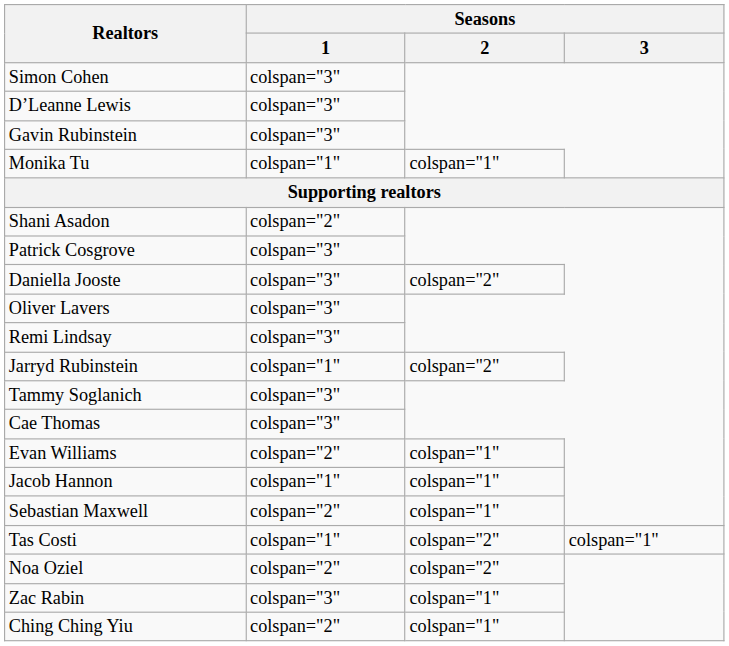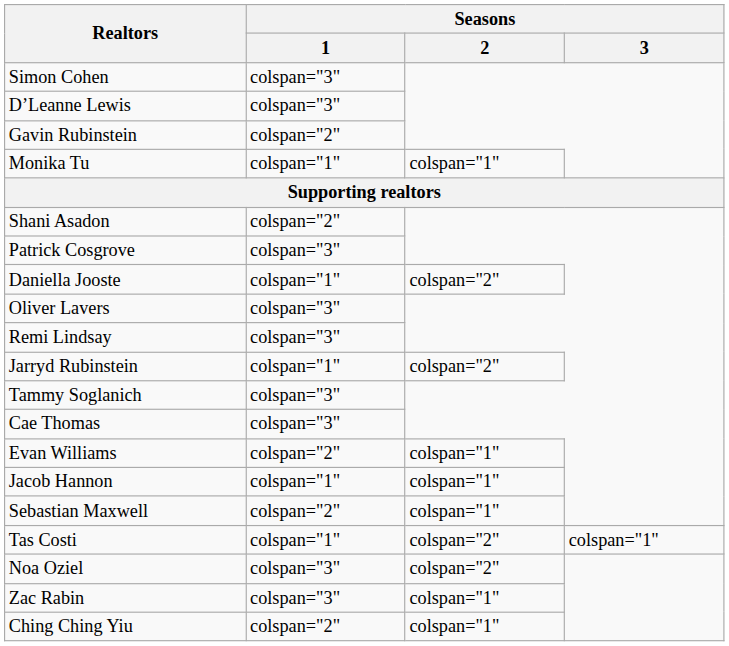 <table class="wikitable plainrowheaders" width=50%>
 <tr>
 <th scope=col rowspan=2 width=20%>Realtors</th>
 <th scope=col colspan=3>Seasons</th>
 </tr>
 <tr>
 <th scope=col width=12.5%>1</th>
 <th scope=col width=12.5%>2</th>
 <th scope=col width=12.5%>3</th>
 </tr>
 <tr>
 <td>Simon Cohen</td>
 <td>colspan="3" </td>
 </tr>
 <tr>
 <td>D’Leanne Lewis</td>
 <td>colspan="3" </td>
 </tr>
 <tr>
 <td>Gavin Rubinstein</td>
-<td>colspan="3" </td>
+<td>colspan="2" </td>
 </tr>
 <tr>
 <td>Monika Tu</td>
 <td>colspan="1" </td>
 <td>colspan="1" </td>
 </tr>
 <tr>
 <th colspan="4">Supporting realtors</th>
 </tr>
 <tr>
 <td>Shani Asadon</td>
 <td>colspan="2" </td>
 </tr>
 <tr>
 <td>Patrick Cosgrove</td>
 <td>colspan="3" </td>
 </tr>
 <tr>
 <td>Daniella Jooste</td>
-<td>colspan="3" </td>
+<td>colspan="1" </td>
 <td>colspan="2" </td>
 </tr>
 <tr>
 <td>Oliver Lavers</td>
 <td>colspan="3" </td>
 </tr>
 <tr>
 <td>Remi Lindsay</td>
 <td>colspan="3" </td>
 </tr>
 <tr>
 <td>Jarryd Rubinstein</td>
 <td>colspan="1" </td>
 <td>colspan="2" </td>
 </tr>
 <tr>
 <td>Tammy Soglanich</td>
 <td>colspan="3" </td>
 </tr>
 <tr>
 <td>Cae Thomas</td>
 <td>colspan="3" </td>
 </tr>
 <tr>
 <td>Evan Williams</td>
 <td>colspan="2" </td>
 <td>colspan="1" </td>
 </tr>
 <tr>
 <td>Jacob Hannon</td>
 <td>colspan="1" </td>
 <td>colspan="1" </td>
 </tr>
 <tr>
 <td>Sebastian Maxwell</td>
 <td>colspan="2" </td>
 <td>colspan="1" </td>
 </tr>
 <tr>
 <td>Tas Costi</td>
 <td>colspan="1" </td>
 <td>colspan="2" </td>
 <td>colspan="1" </td>
 </tr>
 <tr>
 <td>Noa Oziel</td>
-<td>colspan="2" </td>
+<td>colspan="3" </td>
 <td>colspan="2" </td>
 </tr>
 <tr>
 <td>Zac Rabin</td>
 <td>colspan="3" </td>
 <td>colspan="1" </td>
 </tr>
 <tr>
 <td>Ching Ching Yiu</td>
 <td>colspan="2" </td>
 <td>colspan="1" </td>
 </tr>
 </table>
